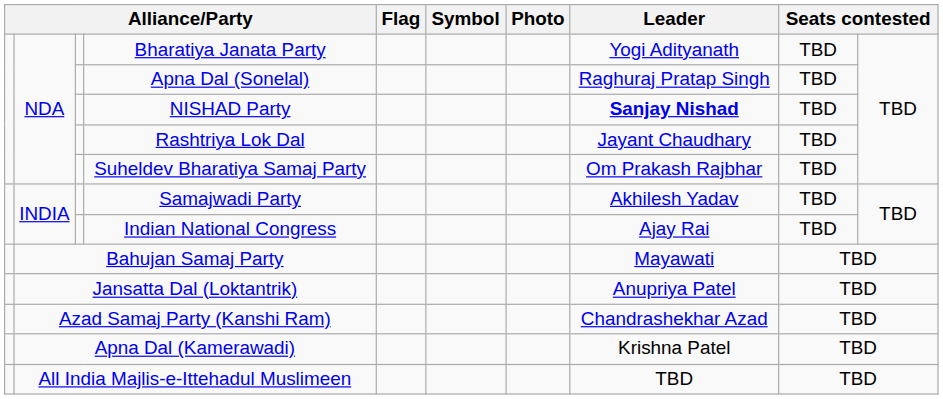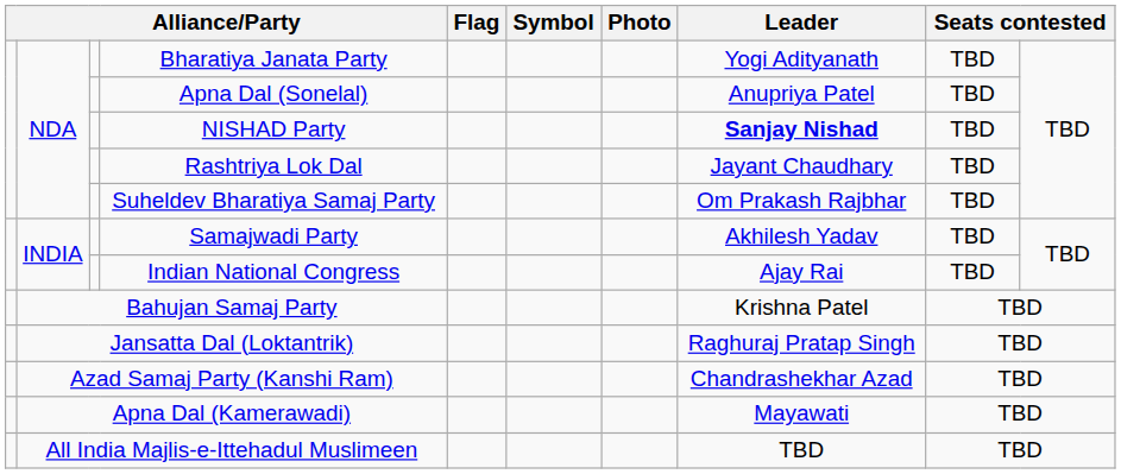 <table class="wikitable sortable" width="50%" style="text-align:center;">
 <tr>
 <th colspan=4>Alliance/Party</th>
 <th>Flag</th>
 <th>Symbol</th>
 <th>Photo</th>
 <th>Leader</th>
 <th colspan=4>Seats contested</th>
 </tr>
 <tr>
 <td rowspan=5 style="text-align:center; background:"></td>
 <td rowspan=5><a href='#'>NDA</a></td>
 <td style="text-align:center; background:"></td>
 <td><a href='#'>Bharatiya Janata Party</a></td>
 <td></td>
 <td></td>
 <td></td>
 <td><a href='#'>Yogi Adityanath</a></td>
 <td>TBD</td>
 <td rowspan=5>TBD</td>
 </tr>
 <tr>
 <td></td>
 <td><a href='#'>Apna Dal (Sonelal)</a></td>
 <td></td>
 <td></td>
 <td></td>
-<td><a href='#'>Raghuraj Pratap Singh</a></td>
+<td><a href='#'>Anupriya Patel</a></td>
 <td>TBD</td>
 </tr>
 <tr>
 <td></td>
 <td><a href='#'>NISHAD Party</a></td>
 <td></td>
 <td></td>
 <td></td>
 <td><strong><a href='#'>Sanjay Nishad</a></strong></td>
 <td>TBD</td>
 </tr>
 <tr>
 <td></td>
 <td><a href='#'>Rashtriya Lok Dal</a></td>
 <td></td>
 <td></td>
 <td></td>
 <td><a href='#'>Jayant Chaudhary</a></td>
 <td>TBD</td>
 </tr>
 <tr>
 <td></td>
 <td><a href='#'>Suheldev Bharatiya Samaj Party</a></td>
 <td></td>
 <td></td>
 <td></td>
 <td><a href='#'>Om Prakash Rajbhar</a></td>
 <td>TBD</td>
 </tr>
 <tr>
 <td rowspan=2 style="text-align:center; background:"></td>
 <td rowspan=2><a href='#'>INDIA</a></td>
 <td></td>
 <td><a href='#'>Samajwadi Party</a></td>
 <td></td>
 <td></td>
 <td></td>
 <td><a href='#'>Akhilesh Yadav</a></td>
 <td>TBD</td>
 <td rowspan=2>TBD</td>
 </tr>
 <tr>
 <td></td>
 <td><a href='#'>Indian National Congress</a></td>
 <td></td>
 <td></td>
 <td></td>
 <td><a href='#'>Ajay Rai</a></td>
 <td>TBD</td>
 </tr>
 <tr>
 <td></td>
 <td colspan="3"><a href='#'>Bahujan Samaj Party</a></td>
 <td></td>
 <td></td>
 <td></td>
-<td><a href='#'>Mayawati</a></td>
+<td>Krishna Patel</td>
 <td colspan="3">TBD</td>
 </tr>
 <tr>
 <td></td>
 <td colspan="3"><a href='#'>Jansatta Dal (Loktantrik)</a></td>
 <td></td>
 <td></td>
 <td></td>
-<td><a href='#'>Anupriya Patel</a></td>
+<td><a href='#'>Raghuraj Pratap Singh</a></td>
 <td colspan="3">TBD</td>
 </tr>
 <tr>
 <td></td>
 <td colspan="3"><a href='#'>Azad Samaj Party (Kanshi Ram)</a></td>
 <td></td>
 <td></td>
 <td></td>
 <td><a href='#'>Chandrashekhar Azad</a></td>
 <td colspan="3">TBD</td>
 </tr>
 <tr>
 <td></td>
 <td colspan="3"><a href='#'>Apna Dal (Kamerawadi)</a></td>
 <td></td>
 <td></td>
 <td></td>
-<td>Krishna Patel</td>
+<td><a href='#'>Mayawati</a></td>
 <td colspan="3">TBD</td>
 </tr>
 <tr>
 <td></td>
 <td colspan="3"><a href='#'>All India Majlis-e-Ittehadul Muslimeen</a></td>
 <td></td>
 <td></td>
 <td></td>
 <td>TBD</td>
 <td colspan="3">TBD</td>
 </tr>
 </table>
